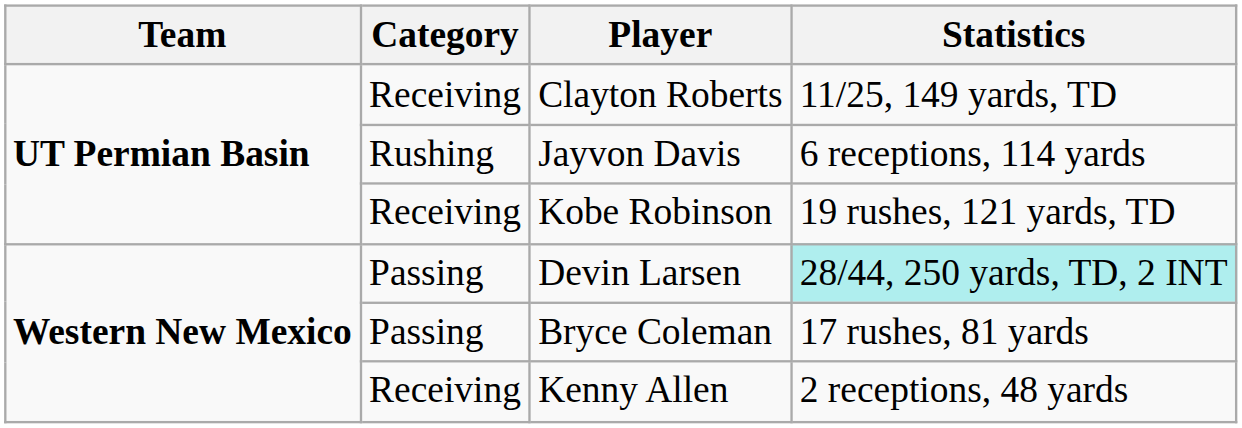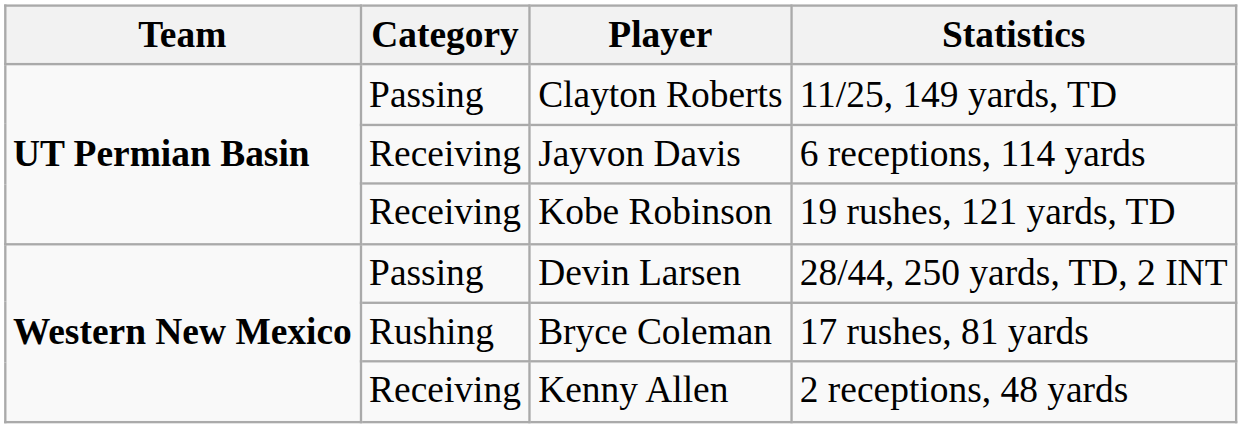 <table class="wikitable" style="float: right;">
 <tr>
 <th>Team</th>
 <th>Category</th>
 <th>Player</th>
 <th>Statistics</th>
 </tr>
 <tr>
 <td rowspan=3><strong>UT Permian Basin</strong></td>
-<td>Receiving</td>
+<td>Passing</td>
 <td>Clayton Roberts</td>
 <td>11/25, 149 yards, TD</td>
 </tr>
 <tr>
-<td>Rushing</td>
+<td>Receiving</td>
 <td>Jayvon Davis</td>
 <td>6 receptions, 114 yards</td>
 </tr>
 <tr>
 <td>Receiving</td>
 <td>Kobe Robinson</td>
 <td>19 rushes, 121 yards, TD</td>
 </tr>
 <tr>
 <td rowspan=3><strong>Western New Mexico</strong></td>
 <td>Passing</td>
 <td>Devin Larsen</td>
-<td style="background: paleturquoise;">28/44, 250 yards, TD, 2 INT</td>
+<td>28/44, 250 yards, TD, 2 INT</td>
 </tr>
 <tr>
-<td>Passing</td>
+<td>Rushing</td>
 <td>Bryce Coleman</td>
 <td>17 rushes, 81 yards</td>
 </tr>
 <tr>
 <td>Receiving</td>
 <td>Kenny Allen</td>
 <td>2 receptions, 48 yards</td>
 </tr>
 </table>
